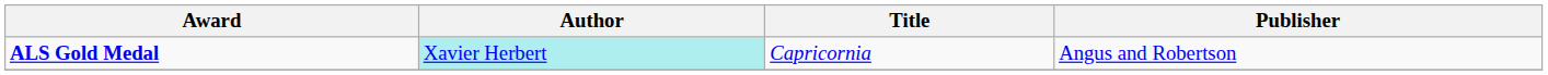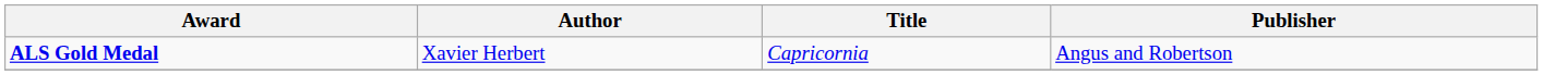 <table class="wikitable" width=95%>
 <tr>
 <th>Award</th>
 <th>Author</th>
 <th>Title</th>
 <th>Publisher</th>
 </tr>
 <tr>
 <td><strong><a href='#'>ALS Gold Medal</a></strong></td>
-<td style="background: paleturquoise;"><a href='#'>Xavier Herbert</a></td>
+<td><a href='#'>Xavier Herbert</a></td>
 <td><em><a href='#'>Capricornia</a></em></td>
 <td><a href='#'>Angus and Robertson</a></td>
 </tr>
 <tr>
 </tr>
 </table>
